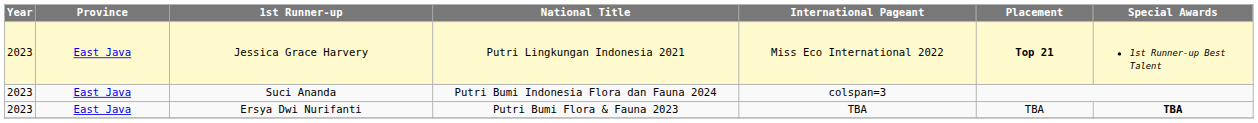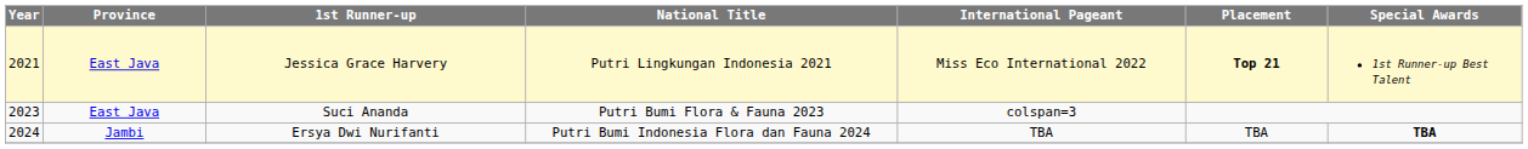 <table class="wikitable sortable" style="font-size: 95%; text-align:center">
 <tr>
 <th width="30" style="background-color:#787878;color:#FFFFFF;">Year</th>
 <th width="150" style="background-color:#787878;color:#FFFFFF;">Province</th>
 <th width="300" style="background-color:#787878;color:#FFFFFF;">1st Runner-up</th>
 <th width="350" style="background-color:#787878;color:#FFFFFF;">National Title</th>
 <th width="270" style="background-color:#787878;color:#FFFFFF;">International Pageant</th>
 <th width="130" style="background-color:#787878;color:#FFFFFF;">Placement</th>
 <th width="180" style="background-color:#787878;color:#FFFFFF;">Special Awards</th>
 </tr>
 <tr style="background-color:#FFFACD; ">
-<td>2023</td>
+<td>2021</td>
 <td><a href='#'>East Java</a></td>
 <td>Jessica Grace Harvery</td>
 <td>Putri Lingkungan Indonesia 2021</td>
 <td>Miss Eco International 2022</td>
 <td><strong>Top 21</strong></td>
 <td align="left"><br><ul><li><small><em>1st Runner-up Best Talent</em></small></li></ul></td>
 </tr>
 <tr>
 <td>2023</td>
 <td><a href='#'>East Java</a></td>
 <td>Suci Ananda</td>
-<td>Putri Bumi Indonesia Flora dan Fauna 2024</td>
+<td>Putri Bumi Flora & Fauna 2023</td>
 <td>colspan=3 </td>
 </tr>
 <tr>
-<td>2023</td>
-<td><a href='#'>East Java</a></td>
+<td>2024</td>
+<td><a href='#'>Jambi</a></td>
 <td>Ersya Dwi Nurifanti</td>
-<td>Putri Bumi Flora & Fauna 2023</td>
+<td>Putri Bumi Indonesia Flora dan Fauna 2024</td>
 <td>TBA</td>
 <td>TBA</td>
 <td><strong>TBA</strong></td>
 </tr>
 <tr>
 </tr>
 </table>
